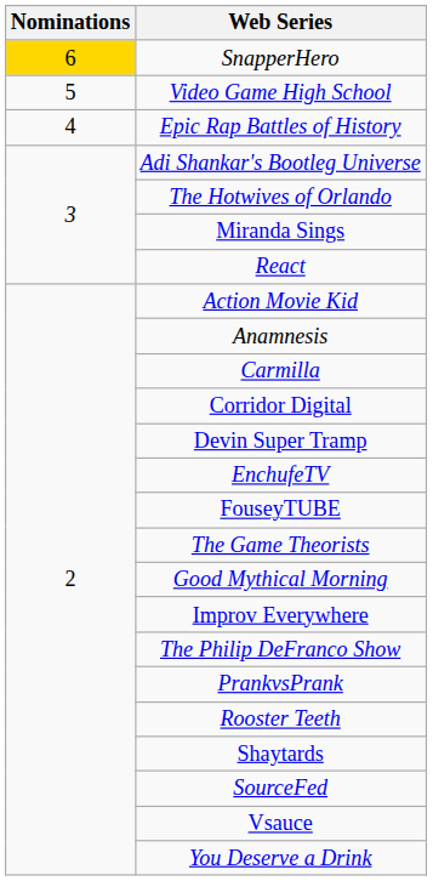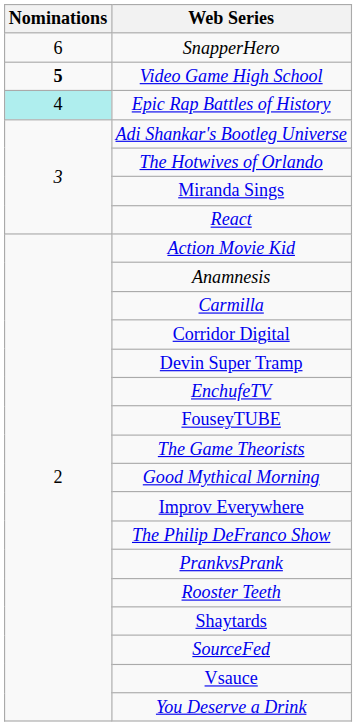 <table class="wikitable plainrowheaders" style="text-align:center;">
 <tr>
 <th scope="col" style="width:55px;">Nominations</th>
 <th scope="col" style="text-align:center;">Web Series</th>
 </tr>
 <tr>
-<td style="background: gold;">6</td>
+<td>6</td>
 <td><em>SnapperHero</em></td>
 </tr>
 <tr>
-<td>5</td>
+<td><strong>5</strong></td>
 <td><em><a href='#'>Video Game High School</a></em></td>
 </tr>
 <tr>
-<td>4</td>
+<td style="background: paleturquoise;">4</td>
 <td><em><a href='#'>Epic Rap Battles of History</a></em></td>
 </tr>
 <tr>
 <td rowspan="4"><em>3</em></td>
 <td><em><a href='#'>Adi Shankar's Bootleg Universe</a></em></td>
 </tr>
 <tr>
 <td><em><a href='#'>The Hotwives of Orlando</a></em></td>
 </tr>
 <tr>
 <td><a href='#'>Miranda Sings</a></td>
 </tr>
 <tr>
 <td><a href='#'><em>React</em></a></td>
 </tr>
 <tr>
 <td rowspan="17">2</td>
 <td><em><a href='#'>Action Movie Kid</a></em></td>
 </tr>
 <tr>
 <td><em>Anamnesis</em></td>
 </tr>
 <tr>
 <td><a href='#'><em>Carmilla</em></a></td>
 </tr>
 <tr>
 <td><a href='#'>Corridor Digital</a></td>
 </tr>
 <tr>
 <td><a href='#'>Devin Super Tramp</a></td>
 </tr>
 <tr>
 <td><a href='#'><em>EnchufeTV</em></a></td>
 </tr>
 <tr>
 <td><a href='#'>FouseyTUBE</a></td>
 </tr>
 <tr>
 <td><em><a href='#'>The Game Theorists</a></em></td>
 </tr>
 <tr>
 <td><em><a href='#'>Good Mythical Morning</a></em></td>
 </tr>
 <tr>
 <td><a href='#'>Improv Everywhere</a></td>
 </tr>
 <tr>
 <td><em><a href='#'>The Philip DeFranco Show</a></em></td>
 </tr>
 <tr>
 <td><em><a href='#'>PrankvsPrank</a></em></td>
 </tr>
 <tr>
 <td><em><a href='#'>Rooster Teeth</a></em></td>
 </tr>
 <tr>
 <td><a href='#'>Shaytards</a></td>
 </tr>
 <tr>
 <td><em><a href='#'>SourceFed</a></em></td>
 </tr>
 <tr>
 <td><a href='#'>Vsauce</a></td>
 </tr>
 <tr>
 <td><em><a href='#'>You Deserve a Drink</a></em></td>
 </tr>
 </table>
